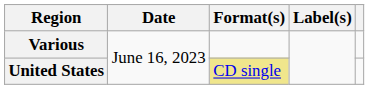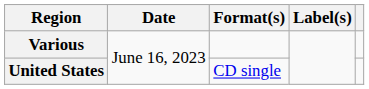 <table class="wikitable plainrowheaders">
 <tr>
 <th scope="col">Region</th>
 <th scope="col">Date</th>
 <th scope="col">Format(s)</th>
 <th scope="col">Label(s)</th>
 <th scope="col"></th>
 </tr>
 <tr>
 <th scope="row">Various</th>
 <td rowspan="2">June 16, 2023</td>
 <td></td>
 <td rowspan="2"></td>
 <td style="text-align:center;"></td>
 </tr>
 <tr>
 <th scope="row">United States</th>
-<td style="background: khaki;"><a href='#'>CD single</a></td>
+<td><a href='#'>CD single</a></td>
 <td style="text-align:center;"></td>
 </tr>
 </table>
